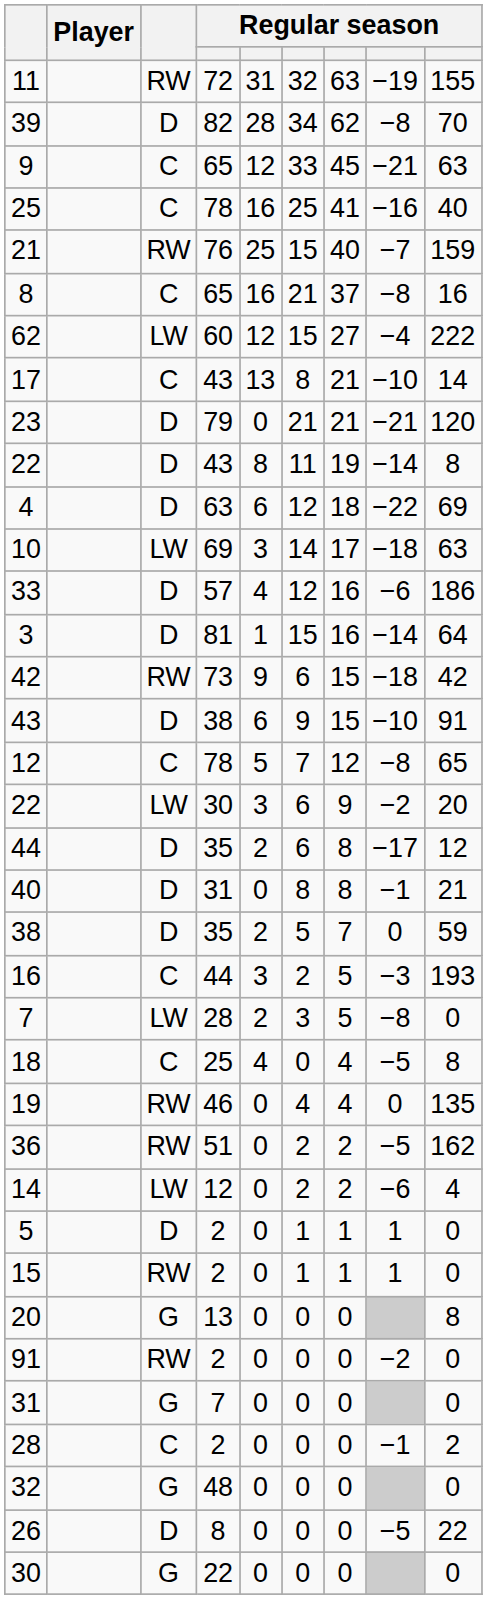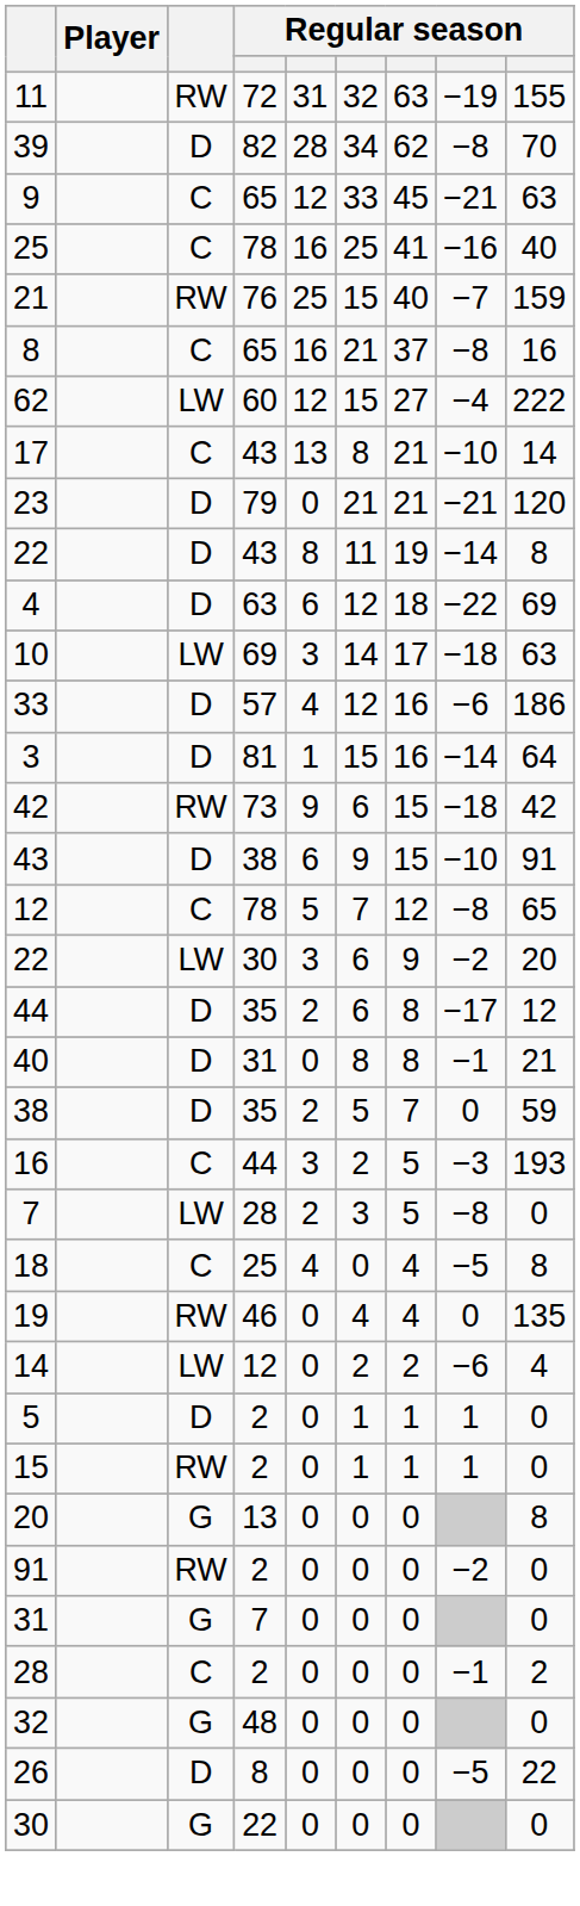 <table class="wikitable sortable plainrowheaders" style="text-align:center;">
 <tr>
 <th scope="col" data-sort-type="number" rowspan="2"></th>
 <th scope="col" rowspan="2">Player</th>
 <th scope="col" rowspan="2"></th>
 <th scope=colgroup colspan=6>Regular season</th>
 </tr>
 <tr>
 <th scope="col" data-sort-type="number"></th>
 <th scope="col" data-sort-type="number"></th>
 <th scope="col" data-sort-type="number"></th>
 <th scope="col" data-sort-type="number"></th>
 <th scope="col" data-sort-type="number"></th>
 <th scope="col" data-sort-type="number"></th>
 </tr>
 <tr>
 <td scope="row">11</td>
 <td align="left"></td>
 <td>RW</td>
 <td>72</td>
 <td>31</td>
 <td>32</td>
 <td>63</td>
 <td>−19</td>
 <td>155</td>
 </tr>
 <tr>
 <td scope="row">39</td>
 <td align="left"></td>
 <td>D</td>
 <td>82</td>
 <td>28</td>
 <td>34</td>
 <td>62</td>
 <td>−8</td>
 <td>70</td>
 </tr>
 <tr>
 <td scope="row">9</td>
 <td align="left"></td>
 <td>C</td>
 <td>65</td>
 <td>12</td>
 <td>33</td>
 <td>45</td>
 <td>−21</td>
 <td>63</td>
 </tr>
 <tr>
 <td scope="row">25</td>
 <td align="left"></td>
 <td>C</td>
 <td>78</td>
 <td>16</td>
 <td>25</td>
 <td>41</td>
 <td>−16</td>
 <td>40</td>
 </tr>
 <tr>
 <td scope="row">21</td>
 <td align="left"></td>
 <td>RW</td>
 <td>76</td>
 <td>25</td>
 <td>15</td>
 <td>40</td>
 <td>−7</td>
 <td>159</td>
 </tr>
 <tr>
 <td scope="row">8</td>
 <td align="left"></td>
 <td>C</td>
 <td>65</td>
 <td>16</td>
 <td>21</td>
 <td>37</td>
 <td>−8</td>
 <td>16</td>
 </tr>
 <tr>
 <td scope="row">62</td>
 <td align="left"></td>
 <td>LW</td>
 <td>60</td>
 <td>12</td>
 <td>15</td>
 <td>27</td>
 <td>−4</td>
 <td>222</td>
 </tr>
 <tr>
 <td scope="row">17</td>
 <td align="left"></td>
 <td>C</td>
 <td>43</td>
 <td>13</td>
 <td>8</td>
 <td>21</td>
 <td>−10</td>
 <td>14</td>
 </tr>
 <tr>
 <td scope="row">23</td>
 <td align="left"></td>
 <td>D</td>
 <td>79</td>
 <td>0</td>
 <td>21</td>
 <td>21</td>
 <td>−21</td>
 <td>120</td>
 </tr>
 <tr>
 <td scope="row">22</td>
 <td align="left"></td>
 <td>D</td>
 <td>43</td>
 <td>8</td>
 <td>11</td>
 <td>19</td>
 <td>−14</td>
 <td>8</td>
 </tr>
 <tr>
 <td scope="row">4</td>
 <td align="left"></td>
 <td>D</td>
 <td>63</td>
 <td>6</td>
 <td>12</td>
 <td>18</td>
 <td>−22</td>
 <td>69</td>
 </tr>
 <tr>
 <td scope="row">10</td>
 <td align="left"></td>
 <td>LW</td>
 <td>69</td>
 <td>3</td>
 <td>14</td>
 <td>17</td>
 <td>−18</td>
 <td>63</td>
 </tr>
 <tr>
 <td scope="row">33</td>
 <td align="left"></td>
 <td>D</td>
 <td>57</td>
 <td>4</td>
 <td>12</td>
 <td>16</td>
 <td>−6</td>
 <td>186</td>
 </tr>
 <tr>
 <td scope="row">3</td>
 <td align="left"></td>
 <td>D</td>
 <td>81</td>
 <td>1</td>
 <td>15</td>
 <td>16</td>
 <td>−14</td>
 <td>64</td>
 </tr>
 <tr>
 <td scope="row">42</td>
 <td align="left"></td>
 <td>RW</td>
 <td>73</td>
 <td>9</td>
 <td>6</td>
 <td>15</td>
 <td>−18</td>
 <td>42</td>
 </tr>
 <tr>
 <td scope="row">43</td>
 <td align="left"></td>
 <td>D</td>
 <td>38</td>
 <td>6</td>
 <td>9</td>
 <td>15</td>
 <td>−10</td>
 <td>91</td>
 </tr>
 <tr>
 <td scope="row">12</td>
 <td align="left"></td>
 <td>C</td>
 <td>78</td>
 <td>5</td>
 <td>7</td>
 <td>12</td>
 <td>−8</td>
 <td>65</td>
 </tr>
 <tr>
 <td scope="row">22</td>
 <td align="left"></td>
 <td>LW</td>
 <td>30</td>
 <td>3</td>
 <td>6</td>
 <td>9</td>
 <td>−2</td>
 <td>20</td>
 </tr>
 <tr>
 <td scope="row">44</td>
 <td align="left"></td>
 <td>D</td>
 <td>35</td>
 <td>2</td>
 <td>6</td>
 <td>8</td>
 <td>−17</td>
 <td>12</td>
 </tr>
 <tr>
 <td scope="row">40</td>
 <td align="left"></td>
 <td>D</td>
 <td>31</td>
 <td>0</td>
 <td>8</td>
 <td>8</td>
 <td>−1</td>
 <td>21</td>
 </tr>
 <tr>
 <td scope="row">38</td>
 <td align="left"></td>
 <td>D</td>
 <td>35</td>
 <td>2</td>
 <td>5</td>
 <td>7</td>
 <td>0</td>
 <td>59</td>
 </tr>
 <tr>
 <td scope="row">16</td>
 <td align="left"></td>
 <td>C</td>
 <td>44</td>
 <td>3</td>
 <td>2</td>
 <td>5</td>
 <td>−3</td>
 <td>193</td>
 </tr>
 <tr>
 <td scope="row">7</td>
 <td align="left"></td>
 <td>LW</td>
 <td>28</td>
 <td>2</td>
 <td>3</td>
 <td>5</td>
 <td>−8</td>
 <td>0</td>
 </tr>
 <tr>
 <td scope="row">18</td>
 <td align="left"></td>
 <td>C</td>
 <td>25</td>
 <td>4</td>
 <td>0</td>
 <td>4</td>
 <td>−5</td>
 <td>8</td>
 </tr>
 <tr>
 <td scope="row">19</td>
 <td align="left"></td>
 <td>RW</td>
 <td>46</td>
 <td>0</td>
 <td>4</td>
 <td>4</td>
 <td>0</td>
 <td>135</td>
 </tr>
 <tr>
-<td scope="row">36</td>
-<td align="left"></td>
-<td>RW</td>
-<td>51</td>
-<td>0</td>
-<td>2</td>
-<td>2</td>
-<td>−5</td>
-<td>162</td>
-</tr>
-<tr>
 <td scope="row">14</td>
 <td align="left"></td>
 <td>LW</td>
 <td>12</td>
 <td>0</td>
 <td>2</td>
 <td>2</td>
 <td>−6</td>
 <td>4</td>
 </tr>
 <tr>
 <td scope="row">5</td>
 <td align="left"></td>
 <td>D</td>
 <td>2</td>
 <td>0</td>
 <td>1</td>
 <td>1</td>
 <td>1</td>
 <td>0</td>
 </tr>
 <tr>
 <td scope="row">15</td>
 <td align="left"></td>
 <td>RW</td>
 <td>2</td>
 <td>0</td>
 <td>1</td>
 <td>1</td>
 <td>1</td>
 <td>0</td>
 </tr>
 <tr>
 <td scope="row">20</td>
 <td align="left"></td>
 <td>G</td>
 <td>13</td>
 <td>0</td>
 <td>0</td>
 <td>0</td>
 <td style="background:#ccc"></td>
 <td>8</td>
 </tr>
 <tr>
 <td scope="row">91</td>
 <td align="left"></td>
 <td>RW</td>
 <td>2</td>
 <td>0</td>
 <td>0</td>
 <td>0</td>
 <td>−2</td>
 <td>0</td>
 </tr>
 <tr>
 <td scope="row">31</td>
 <td align="left"></td>
 <td>G</td>
 <td>7</td>
 <td>0</td>
 <td>0</td>
 <td>0</td>
 <td style="background:#ccc"></td>
 <td>0</td>
 </tr>
 <tr>
 <td scope="row">28</td>
 <td align="left"></td>
 <td>C</td>
 <td>2</td>
 <td>0</td>
 <td>0</td>
 <td>0</td>
 <td>−1</td>
 <td>2</td>
 </tr>
 <tr>
 <td scope="row">32</td>
 <td align="left"></td>
 <td>G</td>
 <td>48</td>
 <td>0</td>
 <td>0</td>
 <td>0</td>
 <td style="background:#ccc"></td>
 <td>0</td>
 </tr>
 <tr>
 <td scope="row">26</td>
 <td align="left"></td>
 <td>D</td>
 <td>8</td>
 <td>0</td>
 <td>0</td>
 <td>0</td>
 <td>−5</td>
 <td>22</td>
 </tr>
 <tr>
 <td scope="row">30</td>
 <td align="left"></td>
 <td>G</td>
 <td>22</td>
 <td>0</td>
 <td>0</td>
 <td>0</td>
 <td style="background:#ccc"></td>
 <td>0</td>
 </tr>
 </table>
